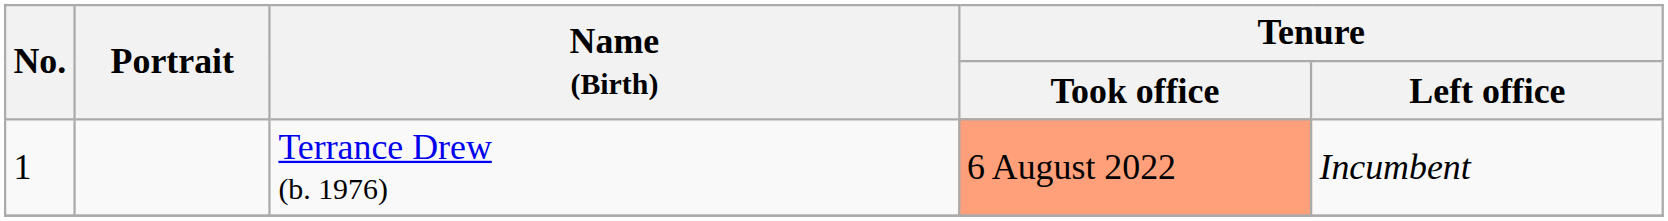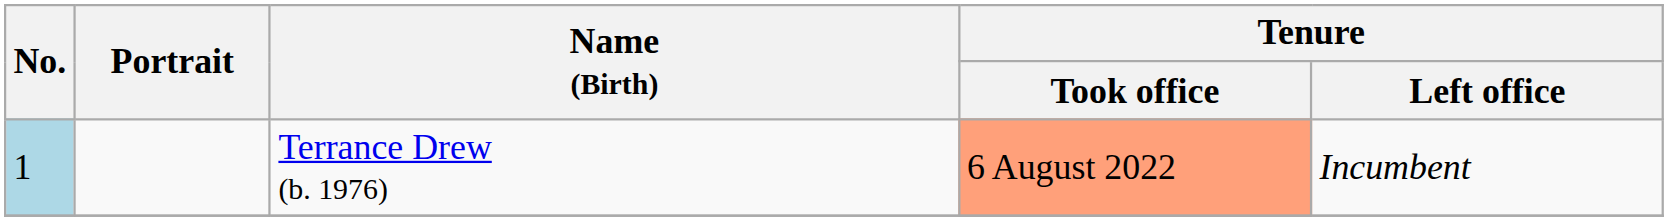 <table class="wikitable">
 <tr>
 <th scope="col" style="width:20px;" rowspan="2">No.</th>
 <th scope="col" style="width:80px;" rowspan="2">Portrait</th>
 <th scope="col" style="width:300px;" rowspan="2">Name<br><small>(Birth)</small></th>
 <th scope="col" style="width:300px;" colspan="2">Tenure</th>
 </tr>
 <tr>
 <th scope="col" style="width:150px;">Took office</th>
 <th scope="col" style="width:150px;">Left office</th>
 </tr>
 <tr>
-<td>1</td>
+<td style="background: lightblue;">1</td>
 <td style="text-align: center;"></td>
 <td><a href='#'>Terrance Drew</a><br><small>(b. 1976)</small></td>
 <td style="background: lightsalmon;">6 August 2022</td>
 <td><em>Incumbent</em></td>
 </tr>
 <tr>
 </tr>
 </table>
